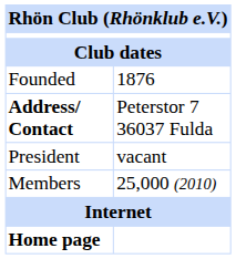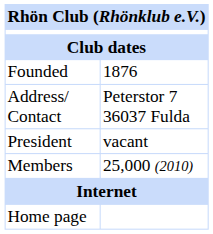 <table border="0" cellpadding="2" cellspacing="1" align="right" style="margin-left:1em; background:#CADCFB;">
 <tr>
 <th colspan="3">Rhön Club (<em>Rhönklub e.V.</em>)</th>
 </tr>
 <tr bgcolor="#FFFFFF">
 <td colspan="3" align=center></td>
 </tr>
 <tr>
 <th colspan="3">Club dates</th>
 </tr>
 <tr bgcolor="#FFFFFF">
 <td>Founded</td>
 <td colspan="2">1876</td>
 </tr>
 <tr bgcolor="#FFFFFF">
-<td valign="top"><strong>Address/<br>Contact</strong></td>
+<td valign="top">Address/<br>Contact</td>
 <td colspan="2">Peterstor 7<br>36037 Fulda<br></td>
 </tr>
 <tr bgcolor="#FFFFFF">
 <td>President</td>
 <td colspan="2">vacant</td>
 </tr>
 <tr bgcolor="#FFFFFF">
 <td>Members</td>
 <td colspan="2">25,000 <small><em>(2010)</em></small></td>
 </tr>
 <tr bgcolor="#FFFFFF">
 </tr>
 <tr>
 <th colspan="3">Internet</th>
 </tr>
 <tr bgcolor="#FFFFFF">
-<td valign="top"><strong>Home page</strong></td>
+<td valign="top">Home page</td>
 <td colspan="2"></td>
 </tr>
 </table>
